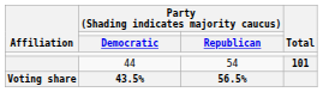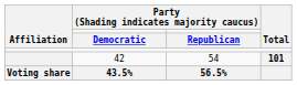 <table class=wikitable style="text-align:center">
 <tr style="vertical-align:bottom;">
 <th rowspan=3>Affiliation</th>
 <th colspan=2>Party <div>(Shading indicates majority caucus)</div></th>
 <th rowspan=3>Total</th>
 </tr>
 <tr style="height:5px">
 <td style="background-color:"></td>
 <td style="background-color:"></td>
 </tr>
 <tr>
 <th><a href='#'>Democratic</a></th>
 <th><a href='#'>Republican</a></th>
 </tr>
 <tr>
 <td colspan=5></td>
 </tr>
 <tr>
 <th nowrap style="font-size:80%"></th>
-<td>44</td>
+<td>42</td>
 <td>54</td>
 <th>101</th>
 </tr>
 <tr>
 <th>Voting share</th>
 <th>43.5%</th>
 <th>56.5%</th>
 <th colspan=2></th>
 </tr>
 </table>
